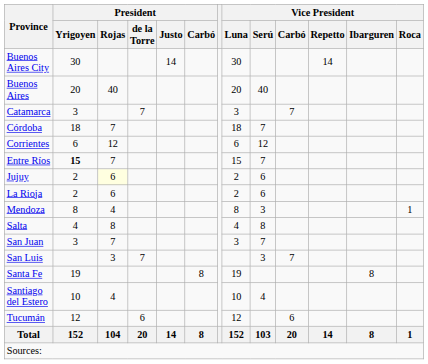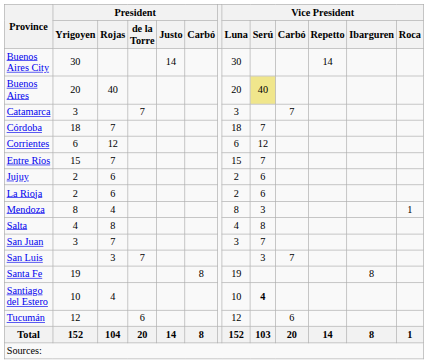 <table class="wikitable" width="75%" style="text-align:center;">
 <tr>
 <th rowspan=2>Province</th>
 <th colspan=5>President</th>
 <th rowspan=2 width="1%"></th>
 <th colspan=6>Vice President</th>
 </tr>
 <tr>
 <th>Yrigoyen</th>
 <th>Rojas</th>
 <th>de la Torre</th>
 <th>Justo</th>
 <th>Carbó</th>
 <th>Luna</th>
 <th>Serú</th>
 <th>Carbó</th>
 <th>Repetto</th>
 <th>Ibarguren</th>
 <th>Roca</th>
 </tr>
 <tr>
 <td align="left"><a href='#'>Buenos Aires City</a></td>
 <td>30</td>
 <td></td>
 <td></td>
 <td>14</td>
 <td></td>
 <td rowspan=15></td>
 <td>30</td>
 <td></td>
 <td></td>
 <td>14</td>
 <td></td>
 <td></td>
 </tr>
 <tr>
 <td align="left"><a href='#'>Buenos Aires</a></td>
 <td>20</td>
 <td>40</td>
 <td></td>
 <td></td>
 <td></td>
 <td>20</td>
-<td>40</td>
+<td style="background: khaki;">40</td>
 <td></td>
 <td></td>
 <td></td>
 <td></td>
 </tr>
 <tr>
 <td align="left"><a href='#'>Catamarca</a></td>
 <td>3</td>
 <td></td>
 <td>7</td>
 <td></td>
 <td></td>
 <td>3</td>
 <td></td>
 <td>7</td>
 <td></td>
 <td></td>
 <td></td>
 </tr>
 <tr>
 <td align="left"><a href='#'>Córdoba</a></td>
 <td>18</td>
 <td>7</td>
 <td></td>
 <td></td>
 <td></td>
 <td>18</td>
 <td>7</td>
 <td></td>
 <td></td>
 <td></td>
 <td></td>
 </tr>
 <tr>
 <td align="left"><a href='#'>Corrientes</a></td>
 <td>6</td>
 <td>12</td>
 <td></td>
 <td></td>
 <td></td>
 <td>6</td>
 <td>12</td>
 <td></td>
 <td></td>
 <td></td>
 <td></td>
 </tr>
 <tr>
 <td align="left"><a href='#'>Entre Ríos</a></td>
-<td><strong>15</strong></td>
+<td>15</td>
 <td>7</td>
 <td></td>
 <td></td>
 <td></td>
 <td>15</td>
 <td>7</td>
 <td></td>
 <td></td>
 <td></td>
 <td></td>
 </tr>
 <tr>
 <td align="left"><a href='#'>Jujuy</a></td>
 <td>2</td>
-<td style="background: lightyellow;">6</td>
+<td>6</td>
 <td></td>
 <td></td>
 <td></td>
 <td>2</td>
 <td>6</td>
 <td></td>
 <td></td>
 <td></td>
 <td></td>
 </tr>
 <tr>
 <td align="left"><a href='#'>La Rioja</a></td>
 <td>2</td>
 <td>6</td>
 <td></td>
 <td></td>
 <td></td>
 <td>2</td>
 <td>6</td>
 <td></td>
 <td></td>
 <td></td>
 <td></td>
 </tr>
 <tr>
 <td align="left"><a href='#'>Mendoza</a></td>
 <td>8</td>
 <td>4</td>
 <td></td>
 <td></td>
 <td></td>
 <td>8</td>
 <td>3</td>
 <td></td>
 <td></td>
 <td></td>
 <td>1</td>
 </tr>
 <tr>
 <td align="left"><a href='#'>Salta</a></td>
 <td>4</td>
 <td>8</td>
 <td></td>
 <td></td>
 <td></td>
 <td>4</td>
 <td>8</td>
 <td></td>
 <td></td>
 <td></td>
 <td></td>
 </tr>
 <tr>
 <td align="left"><a href='#'>San Juan</a></td>
 <td>3</td>
 <td>7</td>
 <td></td>
 <td></td>
 <td></td>
 <td>3</td>
 <td>7</td>
 <td></td>
 <td></td>
 <td></td>
 <td></td>
 </tr>
 <tr>
 <td align="left"><a href='#'>San Luis</a></td>
 <td></td>
 <td>3</td>
 <td>7</td>
 <td></td>
 <td></td>
 <td></td>
 <td>3</td>
 <td>7</td>
 <td></td>
 <td></td>
 <td></td>
 </tr>
 <tr>
 <td align="left"><a href='#'>Santa Fe</a></td>
 <td>19</td>
 <td></td>
 <td></td>
 <td></td>
 <td>8</td>
 <td>19</td>
 <td></td>
 <td></td>
 <td></td>
 <td>8</td>
 <td></td>
 </tr>
 <tr>
 <td align="left"><a href='#'>Santiago del Estero</a></td>
 <td>10</td>
 <td>4</td>
 <td></td>
 <td></td>
 <td></td>
 <td>10</td>
-<td>4</td>
+<td><strong>4</strong></td>
 <td></td>
 <td></td>
 <td></td>
 <td></td>
 </tr>
 <tr>
 <td align="left"><a href='#'>Tucumán</a></td>
 <td>12</td>
 <td></td>
 <td>6</td>
 <td></td>
 <td></td>
 <td>12</td>
 <td></td>
 <td>6</td>
 <td></td>
 <td></td>
 <td></td>
 </tr>
 <tr>
 <th>Total</th>
 <th>152</th>
 <th>104</th>
 <th>20</th>
 <th>14</th>
 <th>8</th>
 <th></th>
 <th>152</th>
 <th>103</th>
 <th>20</th>
 <th>14</th>
 <th>8</th>
 <th>1</th>
 </tr>
 <tr>
 <td colspan=13 align="left">Sources:</td>
 </tr>
 </table>
